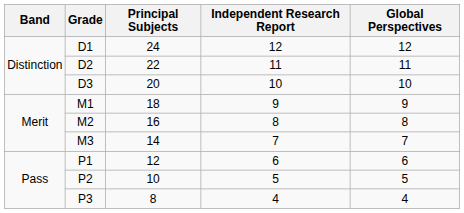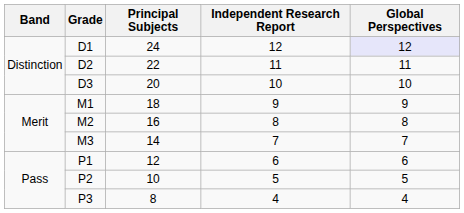 <table class="wikitable" style="text-align:center">
 <tr>
 <th>Band</th>
 <th>Grade</th>
 <th>Principal Subjects</th>
 <th>Independent Research Report</th>
 <th>Global Perspectives</th>
 </tr>
 <tr>
 <td rowspan="3">Distinction</td>
 <td>D1</td>
 <td>24</td>
 <td>12</td>
-<td>12</td>
+<td style="background: lavender;">12</td>
 </tr>
 <tr>
 <td> D2</td>
 <td>22</td>
 <td>11</td>
 <td>11</td>
 </tr>
 <tr>
 <td> D3</td>
 <td>20</td>
 <td>10</td>
 <td>10</td>
 </tr>
 <tr>
 <td rowspan="3">Merit</td>
 <td>M1</td>
 <td>18</td>
 <td>9</td>
 <td>9</td>
 </tr>
 <tr>
 <td> M2</td>
 <td>16</td>
 <td>8</td>
 <td>8</td>
 </tr>
 <tr>
 <td> M3</td>
 <td>14</td>
 <td>7</td>
 <td>7</td>
 </tr>
 <tr>
 <td rowspan="3">Pass</td>
 <td>P1</td>
 <td>12</td>
 <td>6</td>
 <td>6</td>
 </tr>
 <tr>
 <td>P2</td>
 <td>10</td>
 <td>5</td>
 <td>5</td>
 </tr>
 <tr>
 <td> P3</td>
 <td>8</td>
 <td>4</td>
 <td>4</td>
 </tr>
 </table>
